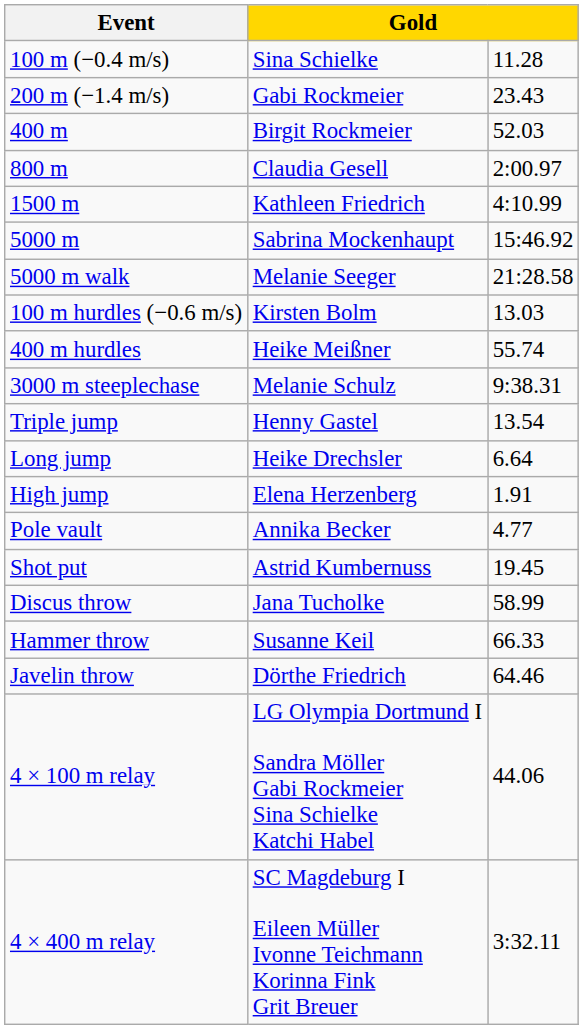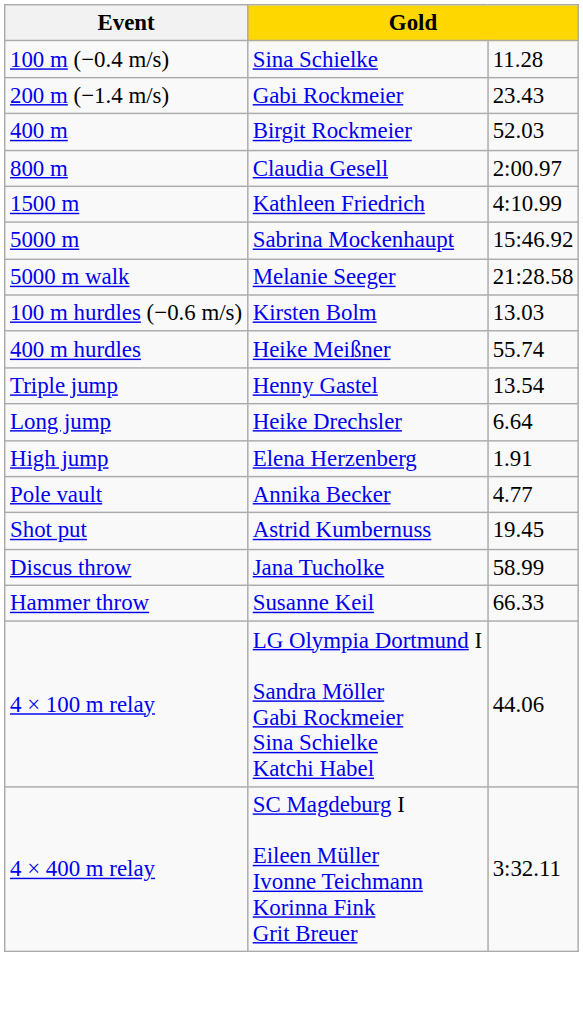 <table class="wikitable">
 <tr>
 <th>Event</th>
 <th style="background:gold;" colspan=2>Gold</th>
 </tr>
 <tr>
 <td><a href='#'>100 m</a> (−0.4 m/s)</td>
 <td><a href='#'>Sina Schielke</a></td>
 <td>11.28</td>
 </tr>
 <tr>
 <td><a href='#'>200 m</a> (−1.4 m/s)</td>
 <td><a href='#'>Gabi Rockmeier</a></td>
 <td>23.43</td>
 </tr>
 <tr>
 <td><a href='#'>400 m</a></td>
 <td><a href='#'>Birgit Rockmeier</a></td>
 <td>52.03 </td>
 </tr>
 <tr>
 <td><a href='#'>800 m</a></td>
 <td><a href='#'>Claudia Gesell</a></td>
 <td>2:00.97</td>
 </tr>
 <tr>
 <td><a href='#'>1500 m</a></td>
 <td><a href='#'>Kathleen Friedrich</a></td>
 <td>4:10.99</td>
 </tr>
 <tr>
 <td><a href='#'>5000 m</a></td>
 <td><a href='#'>Sabrina Mockenhaupt</a></td>
 <td>15:46.92</td>
 </tr>
 <tr>
 <td><a href='#'>5000 m walk</a></td>
 <td><a href='#'>Melanie Seeger</a></td>
 <td>21:28.58</td>
 </tr>
 <tr>
 <td><a href='#'>100 m hurdles</a> (−0.6 m/s)</td>
 <td><a href='#'>Kirsten Bolm</a></td>
 <td>13.03</td>
 </tr>
 <tr>
 <td><a href='#'>400 m hurdles</a></td>
 <td><a href='#'>Heike Meißner</a></td>
 <td>55.74</td>
 </tr>
 <tr>
-<td><a href='#'>3000 m steeplechase</a></td>
-<td><a href='#'>Melanie Schulz</a></td>
-<td>9:38.31 </td>
-</tr>
-<tr>
 <td><a href='#'>Triple jump</a></td>
 <td><a href='#'>Henny Gastel</a></td>
 <td>13.54</td>
 </tr>
 <tr>
 <td><a href='#'>Long jump</a></td>
 <td><a href='#'>Heike Drechsler</a></td>
 <td>6.64</td>
 </tr>
 <tr>
 <td><a href='#'>High jump</a></td>
 <td><a href='#'>Elena Herzenberg</a></td>
 <td>1.91</td>
 </tr>
 <tr>
 <td><a href='#'>Pole vault</a></td>
 <td><a href='#'>Annika Becker</a></td>
 <td>4.77 </td>
 </tr>
 <tr>
 <td><a href='#'>Shot put</a></td>
 <td><a href='#'>Astrid Kumbernuss</a></td>
 <td>19.45</td>
 </tr>
 <tr>
 <td><a href='#'>Discus throw</a></td>
 <td><a href='#'>Jana Tucholke</a></td>
 <td>58.99 </td>
 </tr>
 <tr>
 <td><a href='#'>Hammer throw</a></td>
 <td><a href='#'>Susanne Keil</a></td>
 <td>66.33</td>
 </tr>
 <tr>
-<td><a href='#'>Javelin throw</a></td>
-<td><a href='#'>Dörthe Friedrich</a></td>
-<td>64.46 </td>
-</tr>
-<tr>
 <td><a href='#'>4 × 100 m relay</a></td>
 <td><a href='#'>LG Olympia Dortmund</a> I <br><br><a href='#'>Sandra Möller</a> <br> <a href='#'>Gabi Rockmeier</a> <br> <a href='#'>Sina Schielke</a> <br> <a href='#'>Katchi Habel</a></td>
 <td>44.06</td>
 </tr>
 <tr>
 <td><a href='#'>4 × 400 m relay</a></td>
 <td><a href='#'>SC Magdeburg</a> I <br><br><a href='#'>Eileen Müller</a> <br> <a href='#'>Ivonne Teichmann</a> <br> <a href='#'>Korinna Fink</a> <br> <a href='#'>Grit Breuer</a></td>
 <td>3:32.11</td>
 </tr>
 </table>
